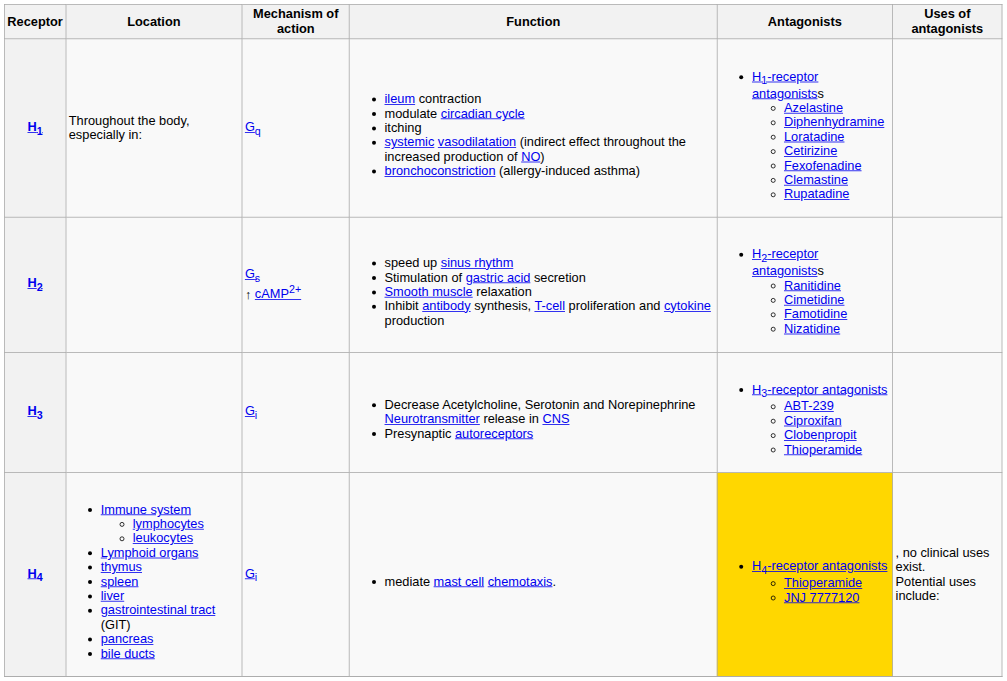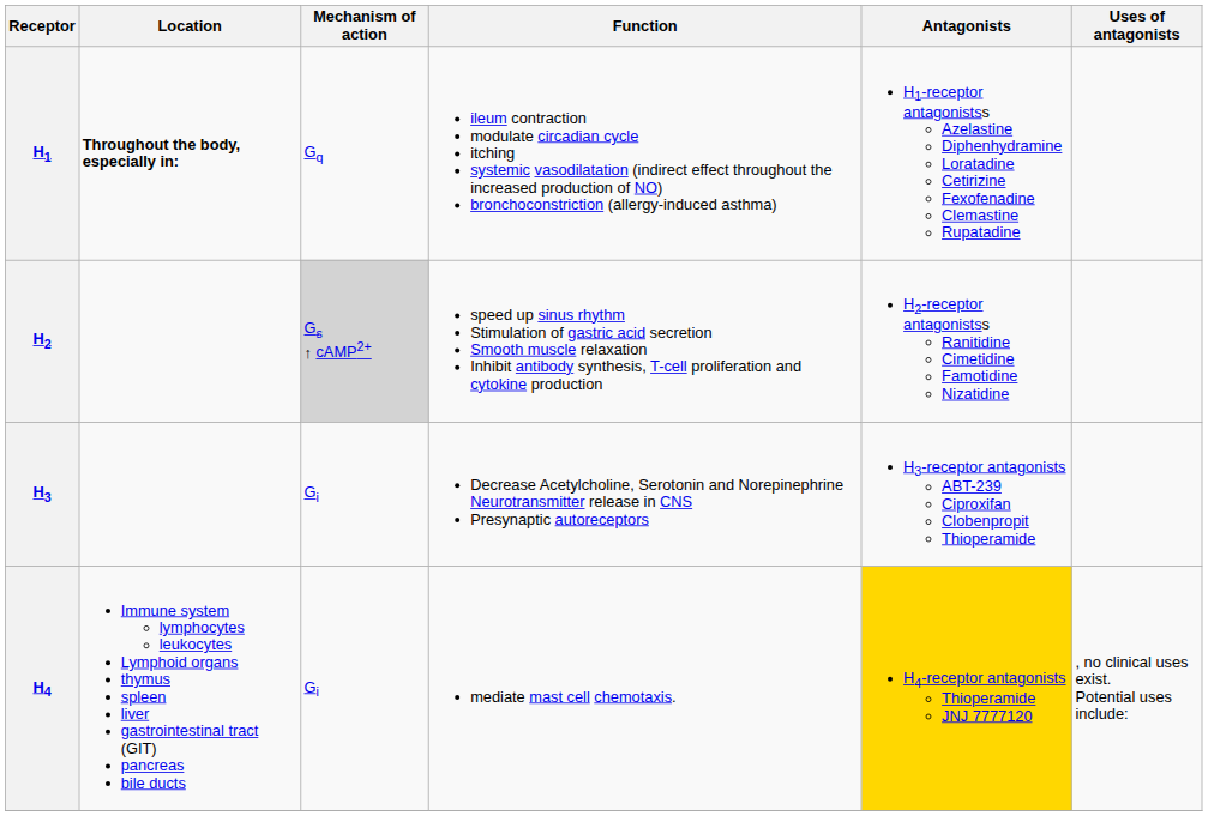 <table class="wikitable">
 <tr>
 <th>Receptor</th>
 <th>Location</th>
 <th>Mechanism of action</th>
 <th>Function</th>
 <th>Antagonists</th>
 <th>Uses of antagonists</th>
 </tr>
 <tr>
 <th><a href='#'>H<sub>1</sub></a></th>
-<td>Throughout the body, especially in: </td>
+<td><strong>Throughout the body, especially in: </strong></td>
 <td><a href='#'>G<sub>q</sub></a></td>
 <td><br><ul><li><a href='#'>ileum</a> contraction</li><li>modulate <a href='#'>circadian cycle</a></li><li>itching</li><li><a href='#'>systemic</a> <a href='#'>vasodilatation</a> (indirect effect throughout the increased production of <a href='#'>NO</a>)</li><li><a href='#'>bronchoconstriction</a> (allergy-induced asthma)</li></ul></td>
 <td><br><ul><li><a href='#'>H<sub>1</sub>-receptor antagonists</a>s<ul><li><a href='#'>Azelastine</a></li><li><a href='#'>Diphenhydramine</a></li><li><a href='#'>Loratadine</a></li><li><a href='#'>Cetirizine</a></li><li><a href='#'>Fexofenadine</a></li><li><a href='#'>Clemastine</a></li><li><a href='#'>Rupatadine</a></li></ul></li></ul></td>
 <td></td>
 </tr>
 <tr>
 <th><a href='#'>H<sub>2</sub></a></th>
 <td></td>
-<td><a href='#'>G<sub>s</sub></a> <br> ↑ <a href='#'>cAMP<sup>2+</sup></a></td>
+<td style="background: lightgrey;"><a href='#'>G<sub>s</sub></a> <br> ↑ <a href='#'>cAMP<sup>2+</sup></a></td>
 <td><br><ul><li>speed up <a href='#'>sinus rhythm</a></li><li>Stimulation of <a href='#'>gastric acid</a> secretion</li><li><a href='#'>Smooth muscle</a> relaxation</li><li>Inhibit <a href='#'>antibody</a> synthesis, <a href='#'>T-cell</a> proliferation and <a href='#'>cytokine</a> production</li></ul></td>
 <td><br><ul><li><a href='#'>H<sub>2</sub>-receptor antagonists</a>s<ul><li><a href='#'>Ranitidine</a></li><li><a href='#'>Cimetidine</a></li><li><a href='#'>Famotidine</a></li><li><a href='#'>Nizatidine</a></li></ul></li></ul></td>
 <td></td>
 </tr>
 <tr>
 <th><a href='#'>H<sub>3</sub></a></th>
 <td></td>
 <td><a href='#'>G<sub>i</sub></a></td>
 <td><br><ul><li>Decrease Acetylcholine, Serotonin and Norepinephrine <a href='#'>Neurotransmitter</a> release in <a href='#'>CNS</a></li><li>Presynaptic <a href='#'>autoreceptors</a></li></ul></td>
 <td><br><ul><li><a href='#'>H<sub>3</sub>-receptor antagonists</a><ul><li><a href='#'>ABT-239</a></li><li><a href='#'>Ciproxifan</a></li><li><a href='#'>Clobenpropit</a></li><li><a href='#'>Thioperamide</a></li></ul></li></ul></td>
 <td></td>
 </tr>
 <tr>
 <th><a href='#'>H<sub>4</sub></a></th>
 <td><br><ul><li><a href='#'>Immune system</a><ul><li><a href='#'>lymphocytes</a></li><li><a href='#'>leukocytes</a></li></ul></li><li><a href='#'>Lymphoid organs</a></li><li><a href='#'>thymus</a></li><li><a href='#'>spleen</a></li><li><a href='#'>liver</a></li><li><a href='#'>gastrointestinal tract</a> (GIT)</li><li><a href='#'>pancreas</a></li><li><a href='#'>bile ducts</a></li></ul></td>
 <td><a href='#'>G<sub>i</sub></a></td>
 <td><br><ul><li>mediate <a href='#'>mast cell</a> <a href='#'>chemotaxis</a>.</li></ul></td>
 <td style="background: gold;"><br><ul><li><a href='#'>H<sub>4</sub>-receptor antagonists</a><ul><li><a href='#'>Thioperamide</a></li><li><a href='#'>JNJ 7777120</a></li></ul></li></ul></td>
 <td>, no clinical uses exist.<br>Potential uses include: </td>
 </tr>
 <tr>
 </tr>
 </table>
